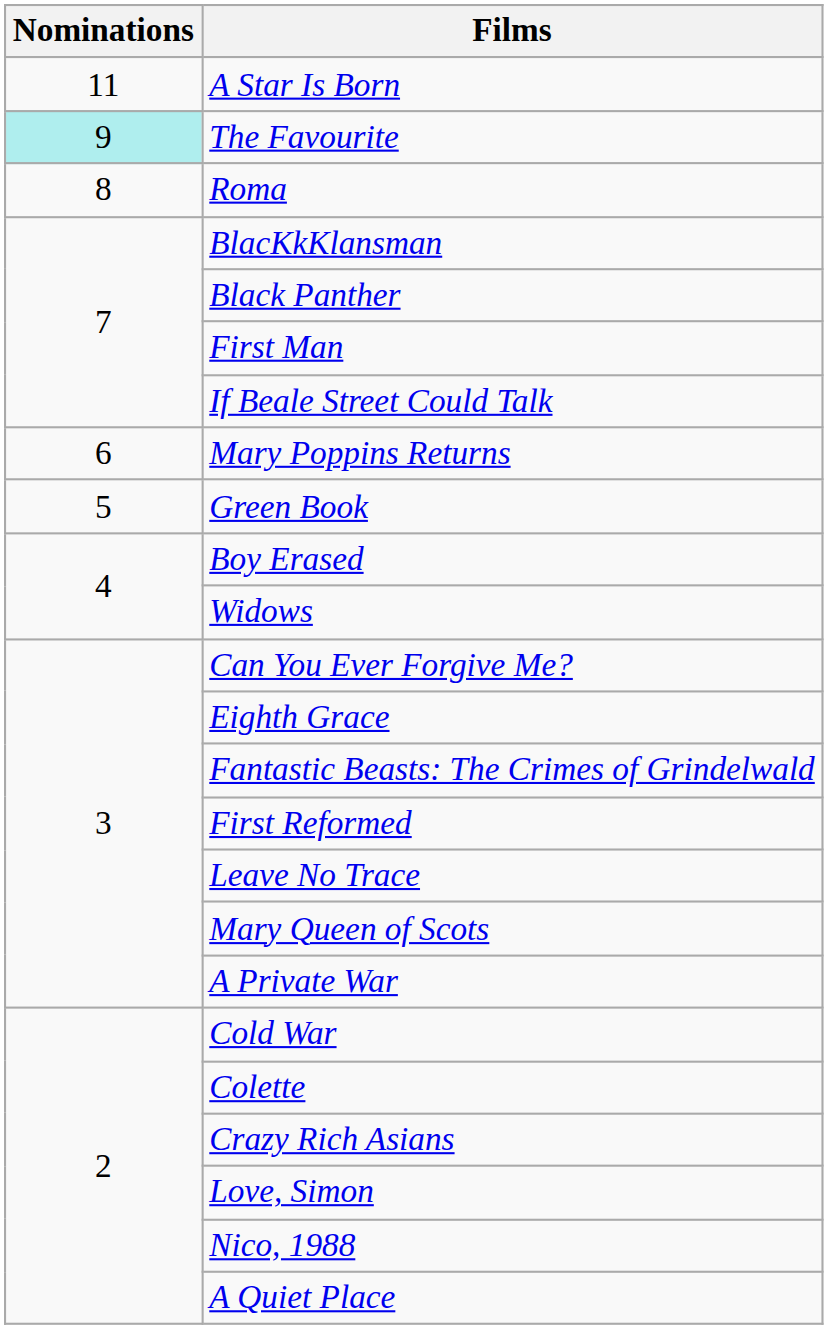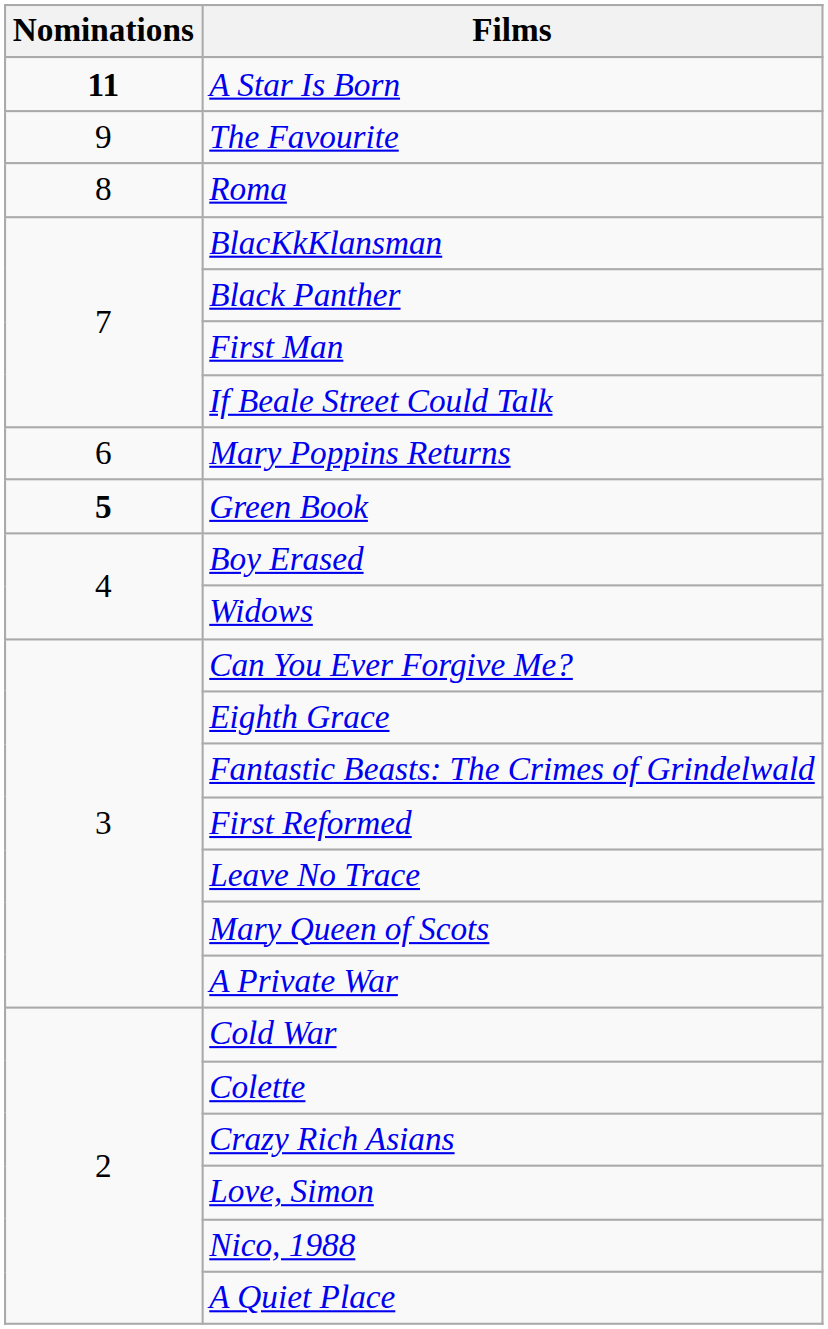 <table class="wikitable">
 <tr>
 <th>Nominations</th>
 <th>Films</th>
 </tr>
 <tr>
-<td style="text-align: center;">11</td>
+<td style="text-align: center;"><strong>11</strong></td>
 <td><em><a href='#'>A Star Is Born</a></em></td>
 </tr>
 <tr>
-<td style="background: paleturquoise; text-align: center;">9</td>
+<td style="text-align: center;">9</td>
 <td><em><a href='#'>The Favourite</a></em></td>
 </tr>
 <tr>
 <td style="text-align: center;">8</td>
 <td><em><a href='#'>Roma</a></em></td>
 </tr>
 <tr>
 <td rowspan="4" style="text-align: center;">7</td>
 <td><em><a href='#'>BlacKkKlansman</a></em></td>
 </tr>
 <tr>
 <td><em><a href='#'>Black Panther</a></em></td>
 </tr>
 <tr>
 <td><em><a href='#'>First Man</a></em></td>
 </tr>
 <tr>
 <td><em><a href='#'>If Beale Street Could Talk</a></em></td>
 </tr>
 <tr>
 <td style="text-align: center;">6</td>
 <td><em><a href='#'>Mary Poppins Returns</a></em></td>
 </tr>
 <tr>
-<td style="text-align: center;">5</td>
+<td style="text-align: center;"><strong>5</strong></td>
 <td><em><a href='#'>Green Book</a></em></td>
 </tr>
 <tr>
 <td rowspan="2" style="text-align: center;">4</td>
 <td><em><a href='#'>Boy Erased</a></em></td>
 </tr>
 <tr>
 <td><em><a href='#'>Widows</a></em></td>
 </tr>
 <tr>
 <td rowspan="7" style="text-align: center;">3</td>
 <td><em><a href='#'>Can You Ever Forgive Me?</a></em></td>
 </tr>
 <tr>
 <td><em><a href='#'>Eighth Grace</a></em></td>
 </tr>
 <tr>
 <td><em><a href='#'>Fantastic Beasts: The Crimes of Grindelwald</a></em></td>
 </tr>
 <tr>
 <td><em><a href='#'>First Reformed</a></em></td>
 </tr>
 <tr>
 <td><em><a href='#'>Leave No Trace</a></em></td>
 </tr>
 <tr>
 <td><em><a href='#'>Mary Queen of Scots</a></em></td>
 </tr>
 <tr>
 <td><em><a href='#'>A Private War</a></em></td>
 </tr>
 <tr>
 <td rowspan="7" style="text-align: center;">2</td>
 <td><em><a href='#'>Cold War</a></em></td>
 </tr>
 <tr>
 <td><em><a href='#'>Colette</a></em></td>
 </tr>
 <tr>
 <td><em><a href='#'>Crazy Rich Asians</a></em></td>
 </tr>
 <tr>
 <td><em><a href='#'>Love, Simon</a></em></td>
 </tr>
 <tr>
 <td><em><a href='#'>Nico, 1988</a></em></td>
 </tr>
 <tr>
 <td><em><a href='#'>A Quiet Place</a></em></td>
 </tr>
 </table>
